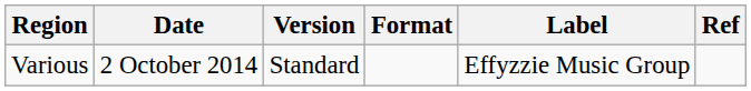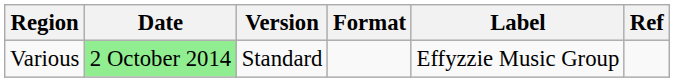 <table class="wikitable">
 <tr>
 <th>Region</th>
 <th>Date</th>
 <th>Version</th>
 <th>Format</th>
 <th>Label</th>
 <th>Ref</th>
 </tr>
 <tr>
 <td>Various</td>
-<td>2 October 2014</td>
+<td style="background: lightgreen;">2 October 2014</td>
 <td rowspan="2">Standard</td>
 <td></td>
 <td rowspan="2">Effyzzie Music Group</td>
 <td></td>
 </tr>
 </table>
